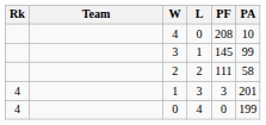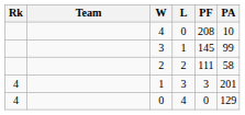 <table class=wikitable style=text-align:center>
 <tr>
 <th width=25>Rk</th>
 <th width=170>Team</th>
 <th width=25>W</th>
 <th width=25>L</th>
 <th width=25>PF</th>
 <th width=25>PA</th>
 </tr>
 <tr>
 <td></td>
 <td align=left></td>
 <td>4</td>
 <td>0</td>
 <td>208</td>
 <td>10</td>
 </tr>
 <tr>
 <td></td>
 <td align=left></td>
 <td>3</td>
 <td>1</td>
 <td>145</td>
 <td>99</td>
 </tr>
 <tr>
 <td></td>
 <td align=left></td>
 <td>2</td>
 <td>2</td>
 <td>111</td>
 <td>58</td>
 </tr>
 <tr>
 <td>4</td>
 <td align=left></td>
 <td>1</td>
 <td>3</td>
 <td>3</td>
 <td>201</td>
 </tr>
 <tr>
 <td>4</td>
 <td align=left></td>
 <td>0</td>
 <td>4</td>
 <td>0</td>
-<td>199</td>
+<td>129</td>
 </tr>
 </table>
